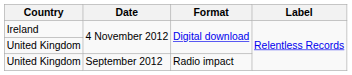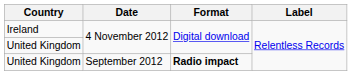 <table class="wikitable plainrowheaders">
 <tr>
 <th scope="col">Country</th>
 <th scope="col">Date</th>
 <th scope="col">Format</th>
 <th scope="col">Label</th>
 </tr>
 <tr>
 <td>Ireland</td>
 <td rowspan="2">4 November 2012</td>
 <td rowspan="2"><a href='#'>Digital download</a></td>
 <td rowspan="3"><a href='#'>Relentless Records</a></td>
 </tr>
 <tr>
 <td rowspan="1">United Kingdom</td>
 </tr>
 <tr>
 <td rowspan="1">United Kingdom</td>
 <td rowspan="1">September 2012</td>
-<td rowspan="1">Radio impact</td>
+<td rowspan="1"><strong>Radio impact</strong></td>
 </tr>
 </table>
